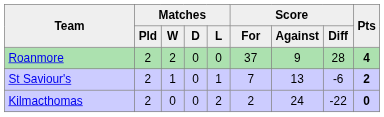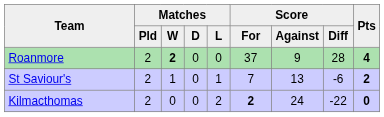 <table style=border-collapse:collapse border=1 cellspacing=0 cellpadding=5>
 <tr align=center bgcolor=#efefef>
 <th rowspan=2 width=165>Team</th>
 <th colspan=4>Matches</th>
 <th colspan=3>Score</th>
 <th rowspan=2width=20>Pts</th>
 </tr>
 <tr align=center bgcolor=#efefef>
 <th width=20>Pld</th>
 <th width=20>W</th>
 <th width=20>D</th>
 <th width=20>L</th>
 <th width=45>For</th>
 <th width=45>Against</th>
 <th width=30>Diff</th>
 </tr>
 <tr align=center style="background:#ACE1AF;">
 <td style="text-align:left;"><a href='#'>Roanmore</a></td>
 <td>2</td>
-<td>2</td>
+<td><strong>2</strong></td>
 <td>0</td>
 <td>0</td>
 <td>37</td>
 <td>9</td>
 <td>28</td>
 <td><strong>4</strong></td>
 </tr>
 <tr align=center style="background:#ccccff;">
 <td style="text-align:left;"><a href='#'>St Saviour's</a></td>
 <td>2</td>
 <td>1</td>
 <td>0</td>
 <td>1</td>
 <td>7</td>
 <td>13</td>
 <td>-6</td>
 <td><strong>2</strong></td>
 </tr>
 <tr align=center  style="background:#ccccff;">
 <td style="text-align:left;"><a href='#'>Kilmacthomas</a></td>
 <td>2</td>
 <td>0</td>
 <td>0</td>
 <td>2</td>
-<td>2</td>
+<td><strong>2</strong></td>
 <td>24</td>
 <td>-22</td>
 <td><strong>0</strong></td>
 </tr>
 </table>
